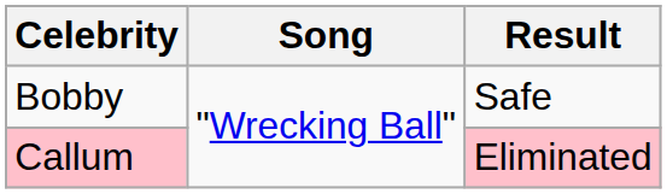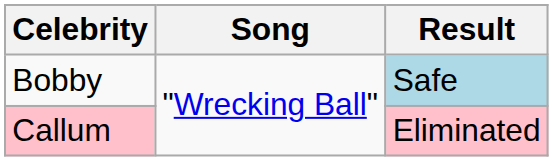 <table class="wikitable sortable collapsed">
 <tr>
 <th>Celebrity</th>
 <th>Song</th>
 <th>Result</th>
 </tr>
 <tr>
 <td>Bobby</td>
 <td rowspan=2>"<a href='#'>Wrecking Ball</a>"</td>
-<td>Safe</td>
+<td style="background: lightblue;">Safe</td>
 </tr>
 <tr>
 <td style="background:pink;">Callum</td>
 <td style="background:pink;">Eliminated</td>
 </tr>
 </table>
